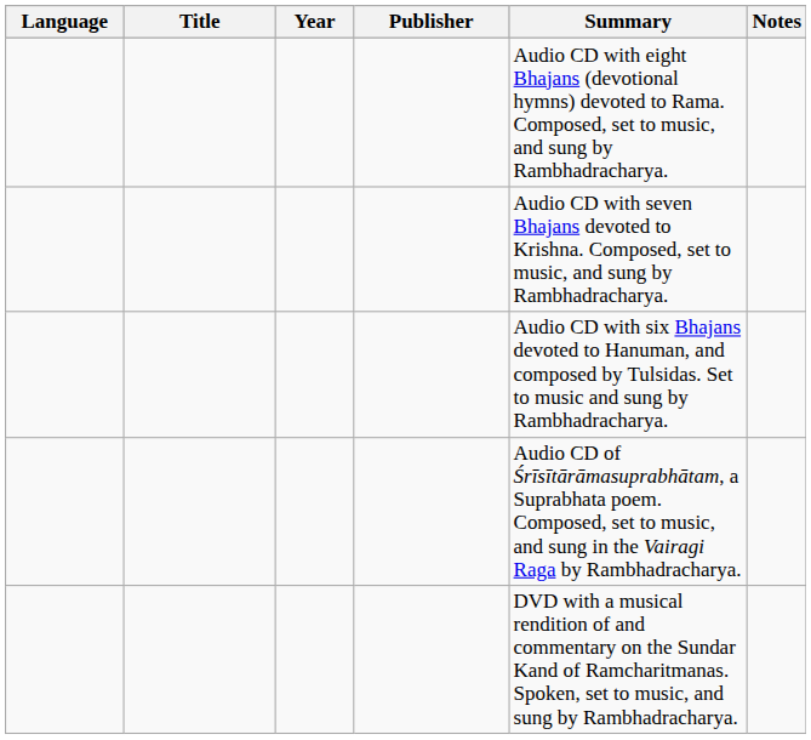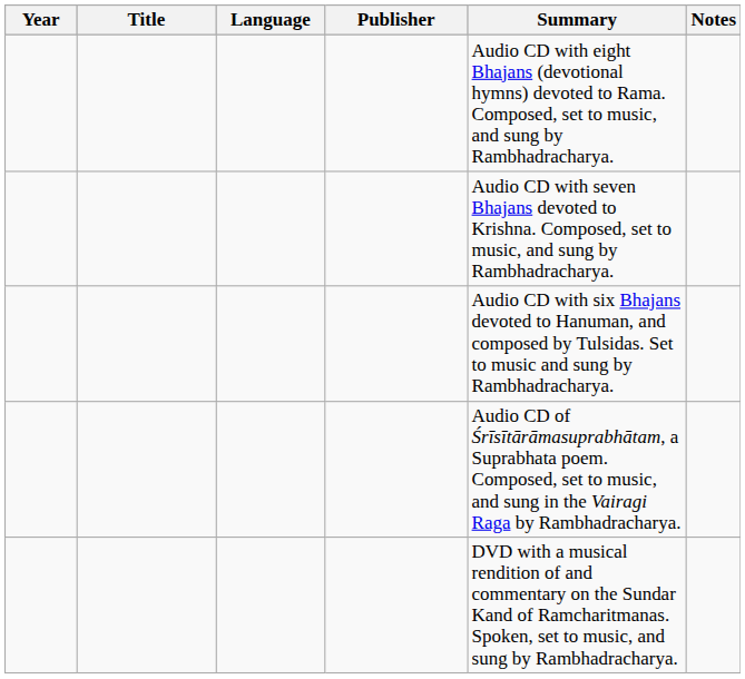 <table class="wikitable sortable" align="center" cellpadding="7" style="clear:both;" width="100%">
 <tr align="center" bgcolor="#696969">
+<th scope="col" width="10%"><div>Year</div></th>
+<th scope="col" width="20%"><div>Title</div></th>
 <th scope="col" width="15%"><div>Language</div></th>
-<th scope="col" width="20%"><div>Title</div></th>
-<th scope="col" width="10%"><div>Year</div></th>
 <th scope="col" width="20%"><div>Publisher</div></th>
 <th scope="col" class="unsortable" align="center" width="30%">Summary</th>
 <th scope="col" class="unsortable" align="center" width="5%">Notes</th>
 </tr>
 <tr valign="top">
 <td></td>
 <td></td>
 <td></td>
 <td></td>
 <td>Audio CD with eight <a href='#'>Bhajans</a> (devotional hymns) devoted to Rama. Composed, set to music, and sung by Rambhadracharya.</td>
 <td></td>
 </tr>
 <tr valign="top">
 <td></td>
 <td></td>
 <td></td>
 <td></td>
 <td>Audio CD with seven <a href='#'>Bhajans</a> devoted to Krishna. Composed, set to music, and sung by Rambhadracharya.</td>
 <td></td>
 </tr>
 <tr valign="top">
 <td></td>
 <td></td>
 <td></td>
 <td></td>
 <td>Audio CD with six <a href='#'>Bhajans</a> devoted to Hanuman, and composed by Tulsidas. Set to music and sung by Rambhadracharya.</td>
 <td></td>
 </tr>
 <tr valign="top">
 <td></td>
 <td></td>
 <td></td>
 <td></td>
 <td>Audio CD of <em>Śrīsītārāmasuprabhātam</em>, a Suprabhata poem. Composed, set to music, and sung in the <em>Vairagi</em> <a href='#'>Raga</a> by Rambhadracharya.</td>
 <td></td>
 </tr>
 <tr valign="top">
 <td></td>
 <td></td>
 <td></td>
 <td></td>
 <td>DVD with a musical rendition of and commentary on the Sundar Kand of Ramcharitmanas. Spoken, set to music, and sung by Rambhadracharya.</td>
 <td></td>
 </tr>
 </table>
